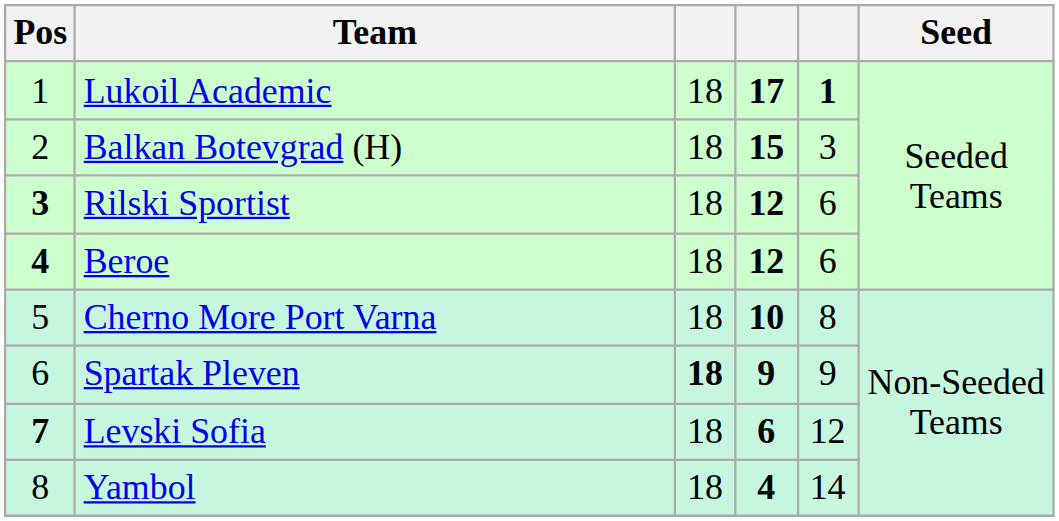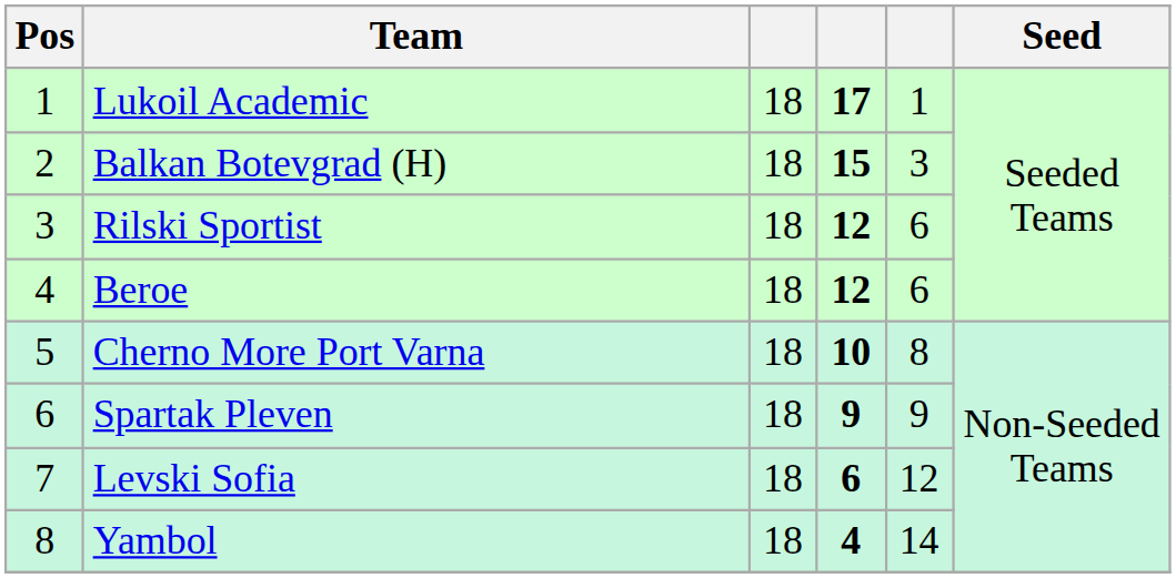 <table class="wikitable" style="text-align: center;">
 <tr>
 <th width=15>Pos</th>
 <th width=260>Team</th>
 <th width=20></th>
 <th width=20></th>
 <th width=20></th>
 <th width=80>Seed</th>
 </tr>
 <tr bgcolor="#cfc">
 <td>1</td>
 <td align="left"><a href='#'>Lukoil Academic</a></td>
 <td>18</td>
 <td><strong>17</strong></td>
-<td><strong>1</strong></td>
+<td>1</td>
 <td rowspan=4>Seeded Teams</td>
 </tr>
 <tr bgcolor="#cfc">
 <td>2</td>
 <td align="left"><a href='#'>Balkan Botevgrad</a> (H)</td>
 <td>18</td>
 <td><strong>15</strong></td>
 <td>3</td>
 </tr>
 <tr bgcolor="#cfc">
-<td><strong>3</strong></td>
+<td>3</td>
 <td align="left"><a href='#'>Rilski Sportist</a></td>
 <td>18</td>
 <td><strong>12</strong></td>
 <td>6</td>
 </tr>
 <tr bgcolor="#cfc">
-<td><strong>4</strong></td>
+<td>4</td>
 <td align="left"><a href='#'>Beroe</a></td>
 <td>18</td>
 <td><strong>12</strong></td>
 <td>6</td>
 </tr>
 <tr bgcolor="#c6f7de">
 <td>5</td>
 <td align="left"><a href='#'>Cherno More Port Varna</a></td>
 <td>18</td>
 <td><strong>10</strong></td>
 <td>8</td>
 <td rowspan=4>Non-Seeded Teams</td>
 </tr>
 <tr bgcolor="#c6f7de">
 <td>6</td>
 <td align="left"><a href='#'>Spartak Pleven</a></td>
-<td><strong>18</strong></td>
+<td>18</td>
 <td><strong>9</strong></td>
 <td>9</td>
 </tr>
 <tr bgcolor="#c6f7de ">
-<td><strong>7</strong></td>
+<td>7</td>
 <td align="left"><a href='#'>Levski Sofia</a></td>
 <td>18</td>
 <td><strong>6</strong></td>
 <td>12</td>
 </tr>
 <tr bgcolor="#c6f7de">
 <td>8</td>
 <td align="left"><a href='#'>Yambol</a></td>
 <td>18</td>
 <td><strong>4</strong></td>
 <td>14</td>
 </tr>
 <tr>
 </tr>
 </table>
